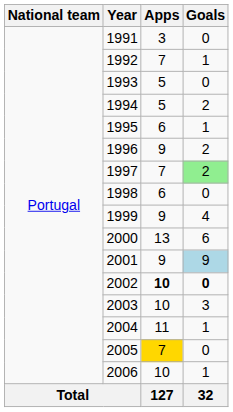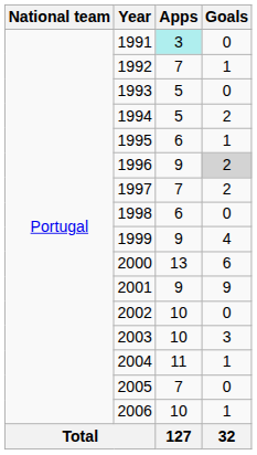 <table class="wikitable" style="text-align:center">
 <tr>
 <th>National team</th>
 <th>Year</th>
 <th>Apps</th>
 <th>Goals</th>
 </tr>
 <tr>
 <td rowspan="16"><a href='#'>Portugal</a></td>
 <td>1991</td>
-<td>3</td>
+<td style="background: paleturquoise;">3</td>
 <td>0</td>
 </tr>
 <tr>
 <td>1992</td>
 <td>7</td>
 <td>1</td>
 </tr>
 <tr>
 <td>1993</td>
 <td>5</td>
 <td>0</td>
 </tr>
 <tr>
 <td>1994</td>
 <td>5</td>
 <td>2</td>
 </tr>
 <tr>
 <td>1995</td>
 <td>6</td>
 <td>1</td>
 </tr>
 <tr>
 <td>1996</td>
 <td>9</td>
-<td>2</td>
+<td style="background: lightgrey;">2</td>
 </tr>
 <tr>
 <td>1997</td>
 <td>7</td>
-<td style="background: lightgreen;">2</td>
+<td>2</td>
 </tr>
 <tr>
 <td>1998</td>
 <td>6</td>
 <td>0</td>
 </tr>
 <tr>
 <td>1999</td>
 <td>9</td>
 <td>4</td>
 </tr>
 <tr>
 <td>2000</td>
 <td>13</td>
 <td>6</td>
 </tr>
 <tr>
 <td>2001</td>
 <td>9</td>
-<td style="background: lightblue;">9</td>
+<td>9</td>
 </tr>
 <tr>
 <td>2002</td>
-<td><strong>10</strong></td>
-<td><strong>0</strong></td>
+<td>10</td>
+<td>0</td>
 </tr>
 <tr>
 <td>2003</td>
 <td>10</td>
 <td>3</td>
 </tr>
 <tr>
 <td>2004</td>
 <td>11</td>
 <td>1</td>
 </tr>
 <tr>
 <td>2005</td>
-<td style="background: gold;">7</td>
+<td>7</td>
 <td>0</td>
 </tr>
 <tr>
 <td>2006</td>
 <td>10</td>
 <td>1</td>
 </tr>
 <tr>
 <th colspan="2">Total</th>
 <th>127</th>
 <th>32</th>
 </tr>
 </table>
